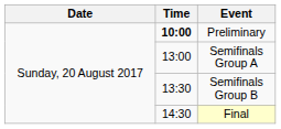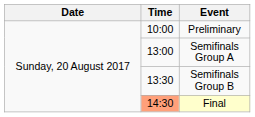 <table class = "wikitable" style="text-align:center;">
 <tr>
 <th width=200>Date</th>
 <th width=50>Time</th>
 <th width=100>Event</th>
 </tr>
 <tr>
 <td rowspan=4>Sunday, 20 August 2017</td>
-<td><strong>10:00</strong></td>
+<td>10:00</td>
 <td>Preliminary</td>
 </tr>
 <tr>
 <td>13:00</td>
 <td>Semifinals Group A</td>
 </tr>
 <tr>
 <td>13:30</td>
 <td>Semifinals Group B</td>
 </tr>
 <tr>
-<td>14:30</td>
+<td style="background: lightsalmon;">14:30</td>
 <td bgcolor=ffffcc>Final</td>
 </tr>
 </table>
